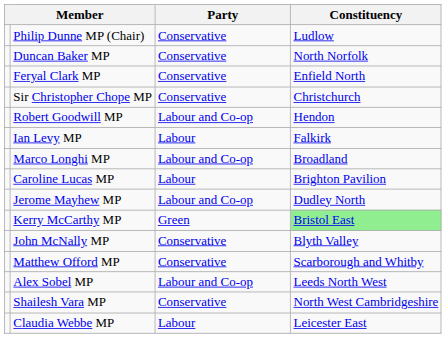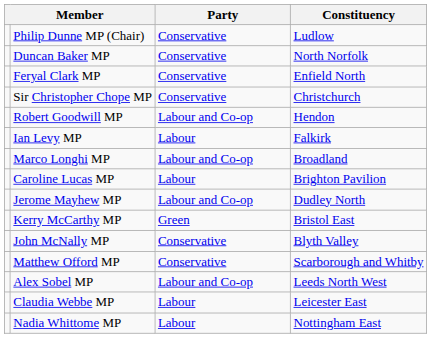 <table class="wikitable">
 <tr>
 <th width="160px" colspan="2" valign="top">Member</th>
 <th width="160px" valign="top">Party</th>
 <th valign="top">Constituency</th>
 </tr>
 <tr>
 <td style="color:inherit;background:"></td>
 <td><a href='#'>Philip Dunne</a> MP (Chair)</td>
 <td><a href='#'>Conservative</a></td>
 <td><a href='#'>Ludlow</a></td>
 </tr>
 <tr>
 <td style="color:inherit;background:"></td>
 <td><a href='#'>Duncan Baker</a> MP</td>
 <td><a href='#'>Conservative</a></td>
 <td><a href='#'>North Norfolk</a></td>
 </tr>
 <tr>
 <td style="color:inherit;background:"></td>
 <td><a href='#'>Feryal Clark</a> MP</td>
 <td><a href='#'>Conservative</a></td>
 <td><a href='#'>Enfield North</a></td>
 </tr>
 <tr>
 <td style="color:inherit;background:"></td>
 <td>Sir <a href='#'>Christopher Chope</a> MP</td>
 <td><a href='#'>Conservative</a></td>
 <td><a href='#'>Christchurch</a></td>
 </tr>
 <tr>
 <td style="color:inherit;background:"></td>
 <td><a href='#'>Robert Goodwill</a> MP</td>
 <td><a href='#'>Labour and Co-op</a></td>
 <td><a href='#'>Hendon</a></td>
 </tr>
 <tr>
 <td style="color:inherit;background:"></td>
 <td><a href='#'>Ian Levy</a> MP</td>
 <td><a href='#'>Labour</a></td>
 <td><a href='#'>Falkirk</a></td>
 </tr>
 <tr>
 <td style="color:inherit;background:"></td>
 <td><a href='#'>Marco Longhi</a> MP</td>
 <td><a href='#'>Labour and Co-op</a></td>
 <td><a href='#'>Broadland</a></td>
 </tr>
 <tr>
 <td style="color:inherit;background:"></td>
 <td><a href='#'>Caroline Lucas</a> MP</td>
 <td><a href='#'>Labour</a></td>
 <td><a href='#'>Brighton Pavilion</a></td>
 </tr>
 <tr>
 <td style="color:inherit;background:"></td>
 <td><a href='#'>Jerome Mayhew</a> MP</td>
 <td><a href='#'>Labour and Co-op</a></td>
 <td><a href='#'>Dudley North</a></td>
 </tr>
 <tr>
 <td style="color:inherit;background:"></td>
 <td><a href='#'>Kerry McCarthy</a> MP</td>
 <td><a href='#'>Green</a></td>
-<td style="background: lightgreen;"><a href='#'>Bristol East</a></td>
+<td><a href='#'>Bristol East</a></td>
 </tr>
 <tr>
 <td style="color:inherit;background:"></td>
 <td><a href='#'>John McNally</a> MP</td>
 <td><a href='#'>Conservative</a></td>
 <td><a href='#'>Blyth Valley</a></td>
 </tr>
 <tr>
 <td style="color:inherit;background:"></td>
 <td><a href='#'>Matthew Offord</a> MP</td>
 <td><a href='#'>Conservative</a></td>
 <td><a href='#'>Scarborough and Whitby</a></td>
 </tr>
 <tr>
 <td style="color:inherit;background:"></td>
 <td><a href='#'>Alex Sobel</a> MP</td>
 <td><a href='#'>Labour and Co-op</a></td>
 <td><a href='#'>Leeds North West</a></td>
 </tr>
 <tr>
 <td style="color:inherit;background:"></td>
-<td><a href='#'>Shailesh Vara</a> MP</td>
-<td><a href='#'>Conservative</a></td>
-<td><a href='#'>North West Cambridgeshire</a></td>
-</tr>
-<tr>
-<td style="color:inherit;background:"></td>
 <td><a href='#'>Claudia Webbe</a> MP</td>
 <td><a href='#'>Labour</a></td>
 <td><a href='#'>Leicester East</a></td>
 </tr>
+<tr>
+<td style="color:inherit;background:"></td>
+<td><a href='#'>Nadia Whittome</a> MP</td>
+<td><a href='#'>Labour</a></td>
+<td><a href='#'>Nottingham East</a></td>
+</tr>
 </table>
